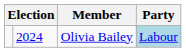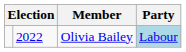 <table class="wikitable">
 <tr>
 <th colspan="2">Election</th>
 <th>Member</th>
 <th>Party</th>
 </tr>
 <tr>
 <td style="color:inherit;background-color: "></td>
-<td><a href='#'>2024</a></td>
+<td><a href='#'>2022</a></td>
 <td><a href='#'>Olivia Bailey</a></td>
 <td style="background: lightblue;"><a href='#'>Labour</a></td>
 </tr>
 </table>
